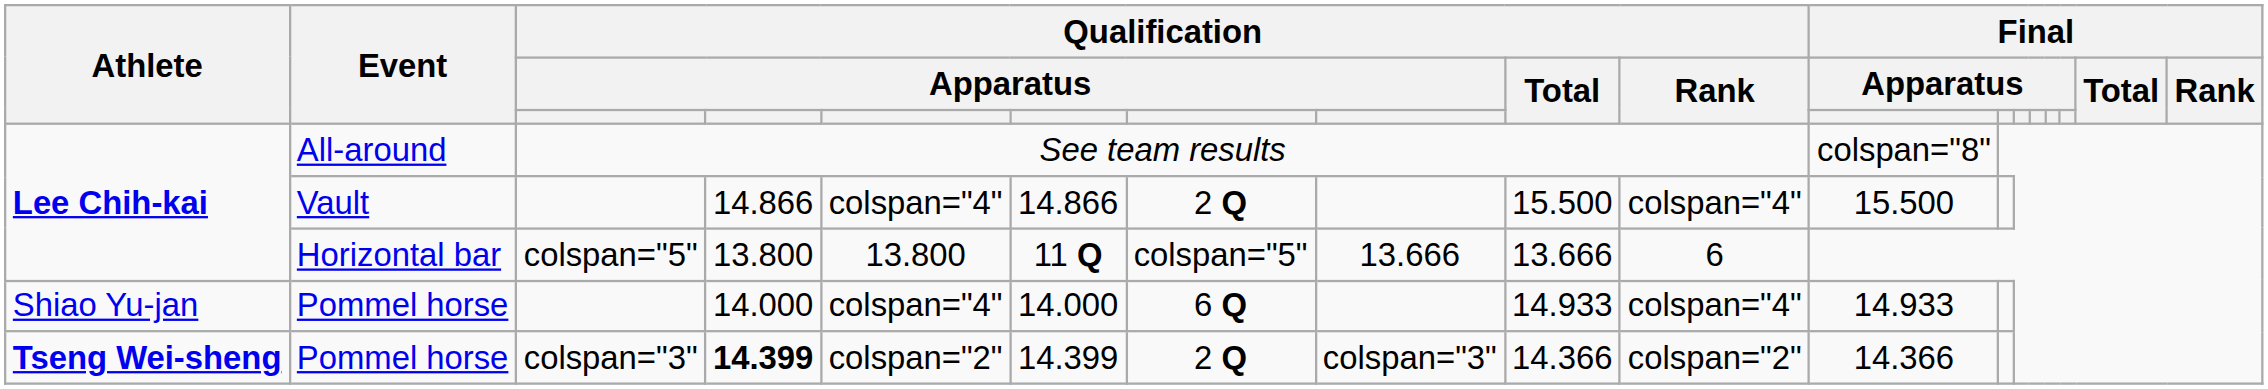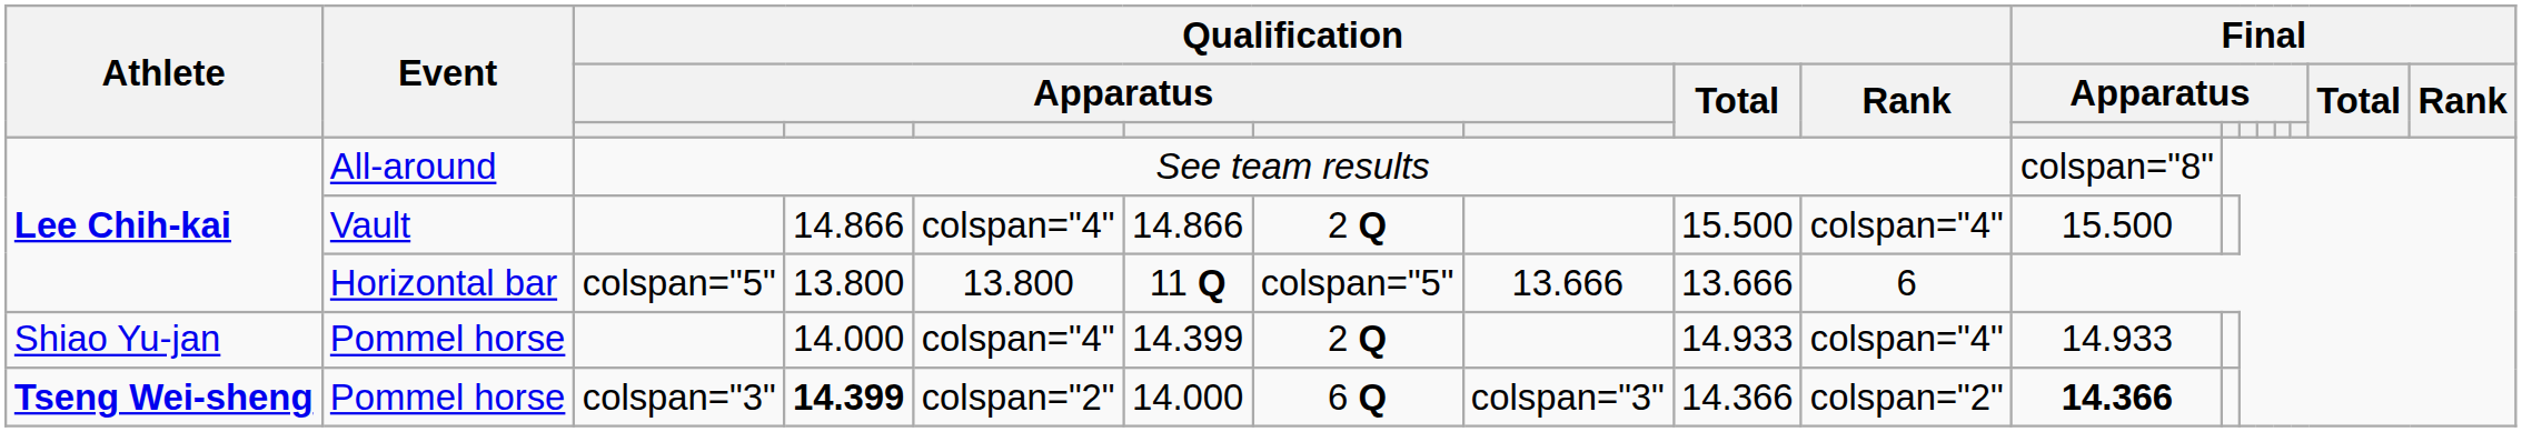 <table class="wikitable" style="font-size:90%; text-align:center">
 <tr>
 <th rowspan="3">Athlete</th>
 <th rowspan="3">Event</th>
 <th colspan="8">Qualification</th>
 <th colspan="8">Final</th>
 </tr>
 <tr>
 <th colspan="6">Apparatus</th>
 <th rowspan="2">Total</th>
 <th rowspan="2">Rank</th>
 <th colspan="6">Apparatus</th>
 <th rowspan="2">Total</th>
 <th rowspan="2">Rank</th>
 </tr>
 <tr>
 <th></th>
 <th></th>
 <th></th>
 <th></th>
 <th></th>
 <th></th>
 <th></th>
 <th></th>
 <th></th>
 <th></th>
 <th></th>
 <th></th>
 </tr>
 <tr>
 <td align="left" rowspan="3"><strong><a href='#'>Lee Chih-kai</a></strong></td>
 <td align="left"><a href='#'>All-around</a></td>
 <td colspan="8"><em>See team results</em></td>
 <td>colspan="8" </td>
 </tr>
 <tr>
 <td align="left"><a href='#'>Vault</a></td>
 <td></td>
 <td>14.866</td>
 <td>colspan="4" </td>
 <td>14.866</td>
 <td>2 <strong>Q</strong></td>
 <td></td>
 <td>15.500</td>
 <td>colspan="4" </td>
 <td>15.500</td>
 <td></td>
 </tr>
 <tr>
 <td align="left"><a href='#'>Horizontal bar</a></td>
 <td>colspan="5" </td>
 <td>13.800</td>
 <td>13.800</td>
 <td>11 <strong>Q</strong></td>
 <td>colspan="5" </td>
 <td>13.666</td>
 <td>13.666</td>
 <td>6</td>
 </tr>
 <tr>
 <td align="left"><a href='#'>Shiao Yu-jan</a></td>
 <td align="left"><a href='#'>Pommel horse</a></td>
 <td></td>
 <td>14.000</td>
 <td>colspan="4" </td>
-<td>14.000</td>
-<td>6 <strong>Q</strong></td>
+<td>14.399</td>
+<td>2 <strong>Q</strong></td>
 <td></td>
 <td>14.933</td>
 <td>colspan="4" </td>
 <td>14.933</td>
 <td></td>
 </tr>
 <tr>
 <td align="left"><strong><a href='#'>Tseng Wei-sheng</a></strong></td>
 <td align="left"><a href='#'>Pommel horse</a></td>
 <td>colspan="3" </td>
 <td><strong>14.399</strong></td>
 <td>colspan="2" </td>
-<td>14.399</td>
-<td>2 <strong>Q</strong></td>
+<td>14.000</td>
+<td>6 <strong>Q</strong></td>
 <td>colspan="3" </td>
 <td>14.366</td>
 <td>colspan="2" </td>
-<td>14.366</td>
+<td><strong>14.366</strong></td>
 <td></td>
 </tr>
 </table>
